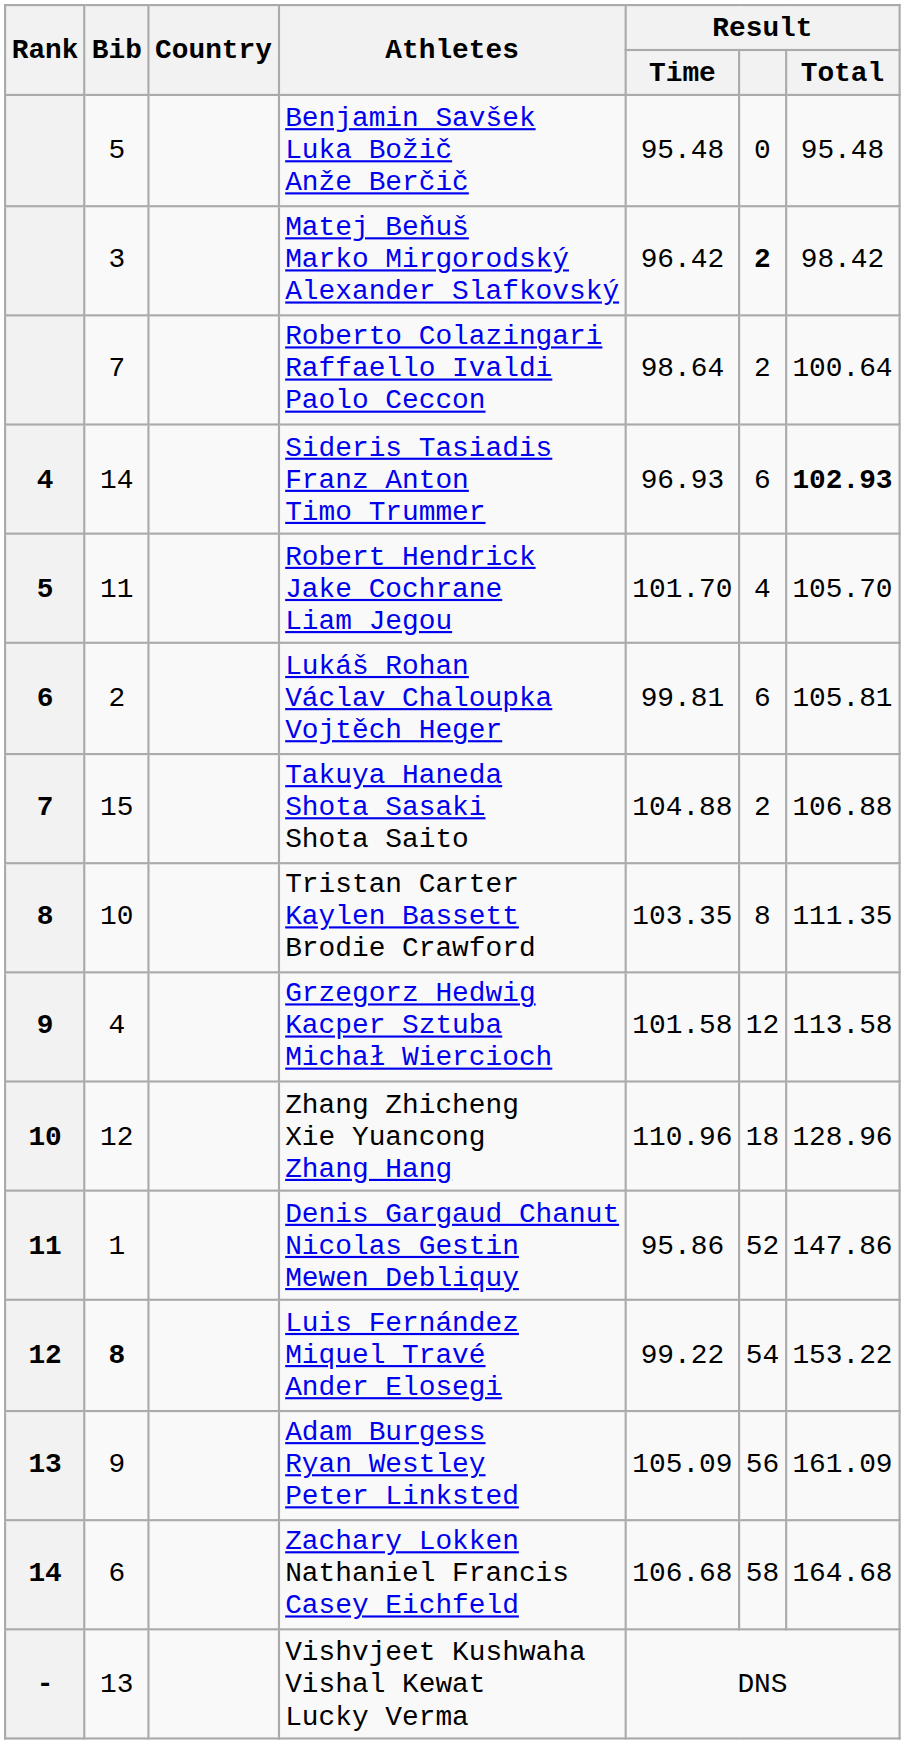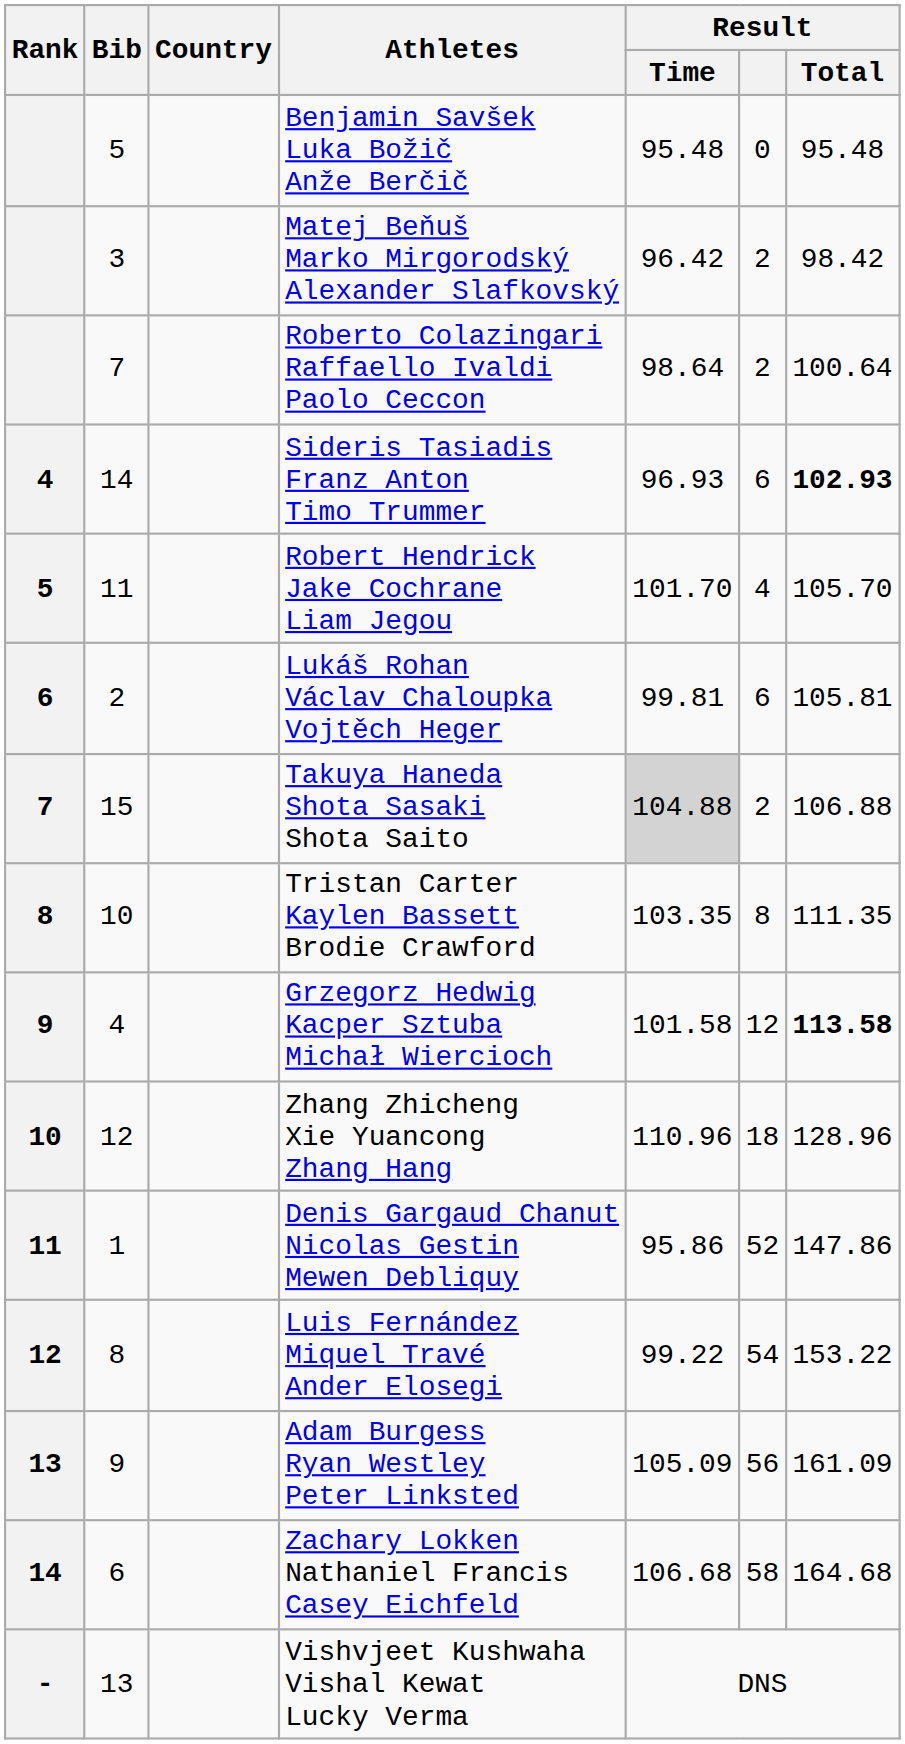 <table class="wikitable" style="text-align:center">
 <tr>
 <th rowspan=2>Rank</th>
 <th rowspan=2>Bib</th>
 <th rowspan=2>Country</th>
 <th rowspan=2>Athletes</th>
 <th colspan=3>Result</th>
 </tr>
 <tr>
 <th>Time</th>
 <th></th>
 <th>Total</th>
 </tr>
 <tr>
 <th></th>
 <td>5</td>
 <td align=left></td>
 <td align=left><a href='#'>Benjamin Savšek</a><br><a href='#'>Luka Božič</a><br><a href='#'>Anže Berčič</a></td>
 <td>95.48</td>
 <td>0</td>
 <td>95.48</td>
 </tr>
 <tr>
 <th></th>
 <td>3</td>
 <td align=left></td>
 <td align=left><a href='#'>Matej Beňuš</a><br><a href='#'>Marko Mirgorodský</a><br><a href='#'>Alexander Slafkovský</a></td>
 <td>96.42</td>
-<td><strong>2</strong></td>
+<td>2</td>
 <td>98.42</td>
 </tr>
 <tr>
 <th></th>
 <td>7</td>
 <td align=left></td>
 <td align=left><a href='#'>Roberto Colazingari</a><br><a href='#'>Raffaello Ivaldi</a><br><a href='#'>Paolo Ceccon</a></td>
 <td>98.64</td>
 <td>2</td>
 <td>100.64</td>
 </tr>
 <tr>
 <th>4</th>
 <td>14</td>
 <td align=left></td>
 <td align=left><a href='#'>Sideris Tasiadis</a><br><a href='#'>Franz Anton</a><br><a href='#'>Timo Trummer</a></td>
 <td>96.93</td>
 <td>6</td>
 <td><strong>102.93</strong></td>
 </tr>
 <tr>
 <th>5</th>
 <td>11</td>
 <td align=left></td>
 <td align=left><a href='#'>Robert Hendrick</a><br><a href='#'>Jake Cochrane</a><br><a href='#'>Liam Jegou</a></td>
 <td>101.70</td>
 <td>4</td>
 <td>105.70</td>
 </tr>
 <tr>
 <th>6</th>
 <td>2</td>
 <td align=left></td>
 <td align=left><a href='#'>Lukáš Rohan</a><br><a href='#'>Václav Chaloupka</a><br><a href='#'>Vojtěch Heger</a></td>
 <td>99.81</td>
 <td>6</td>
 <td>105.81</td>
 </tr>
 <tr>
 <th>7</th>
 <td>15</td>
 <td align=left></td>
 <td align=left><a href='#'>Takuya Haneda</a><br><a href='#'>Shota Sasaki</a><br>Shota Saito</td>
-<td>104.88</td>
+<td style="background: lightgrey;">104.88</td>
 <td>2</td>
 <td>106.88</td>
 </tr>
 <tr>
 <th>8</th>
 <td>10</td>
 <td align=left></td>
 <td align=left>Tristan Carter<br><a href='#'>Kaylen Bassett</a><br>Brodie Crawford</td>
 <td>103.35</td>
 <td>8</td>
 <td>111.35</td>
 </tr>
 <tr>
 <th>9</th>
 <td>4</td>
 <td align=left></td>
 <td align=left><a href='#'>Grzegorz Hedwig</a><br><a href='#'>Kacper Sztuba</a><br><a href='#'>Michał Wiercioch</a></td>
 <td>101.58</td>
 <td>12</td>
-<td>113.58</td>
+<td><strong>113.58</strong></td>
 </tr>
 <tr>
 <th>10</th>
 <td>12</td>
 <td align=left></td>
 <td align=left>Zhang Zhicheng<br>Xie Yuancong<br><a href='#'>Zhang Hang</a></td>
 <td>110.96</td>
 <td>18</td>
 <td>128.96</td>
 </tr>
 <tr>
 <th>11</th>
 <td>1</td>
 <td align=left></td>
 <td align=left><a href='#'>Denis Gargaud Chanut</a><br><a href='#'>Nicolas Gestin</a><br><a href='#'>Mewen Debliquy</a></td>
 <td>95.86</td>
 <td>52</td>
 <td>147.86</td>
 </tr>
 <tr>
 <th>12</th>
-<td><strong>8</strong></td>
+<td>8</td>
 <td align=left></td>
 <td align=left><a href='#'>Luis Fernández</a><br><a href='#'>Miquel Travé</a><br><a href='#'>Ander Elosegi</a></td>
 <td>99.22</td>
 <td>54</td>
 <td>153.22</td>
 </tr>
 <tr>
 <th>13</th>
 <td>9</td>
 <td align=left></td>
 <td align=left><a href='#'>Adam Burgess</a><br><a href='#'>Ryan Westley</a><br><a href='#'>Peter Linksted</a></td>
 <td>105.09</td>
 <td>56</td>
 <td>161.09</td>
 </tr>
 <tr>
 <th>14</th>
 <td>6</td>
 <td align=left></td>
 <td align=left><a href='#'>Zachary Lokken</a><br>Nathaniel Francis<br><a href='#'>Casey Eichfeld</a></td>
 <td>106.68</td>
 <td>58</td>
 <td>164.68</td>
 </tr>
 <tr>
 <th>-</th>
 <td>13</td>
 <td align=left></td>
 <td align=left>Vishvjeet Kushwaha<br>Vishal Kewat<br>Lucky Verma</td>
 <td colspan=3>DNS</td>
 </tr>
 </table>
